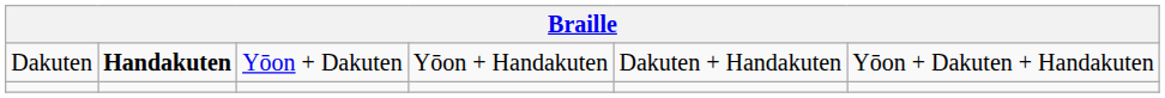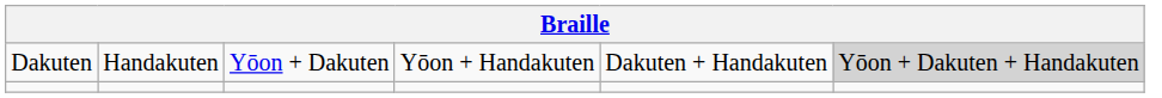 <table class="wikitable" style="text-align:center">
 <tr>
 <th colspan=6><a href='#'>Braille</a></th>
 </tr>
 <tr>
 <td>Dakuten</td>
-<td><strong>Handakuten</strong></td>
+<td>Handakuten</td>
 <td><a href='#'>Yōon</a> + Dakuten</td>
 <td>Yōon + Handakuten</td>
 <td>Dakuten + Handakuten</td>
-<td>Yōon + Dakuten + Handakuten</td>
+<td style="background: lightgrey;">Yōon + Dakuten + Handakuten</td>
 </tr>
 <tr>
 <td></td>
 <td></td>
 <td></td>
 <td></td>
 <td></td>
 <td></td>
 </tr>
 </table>
